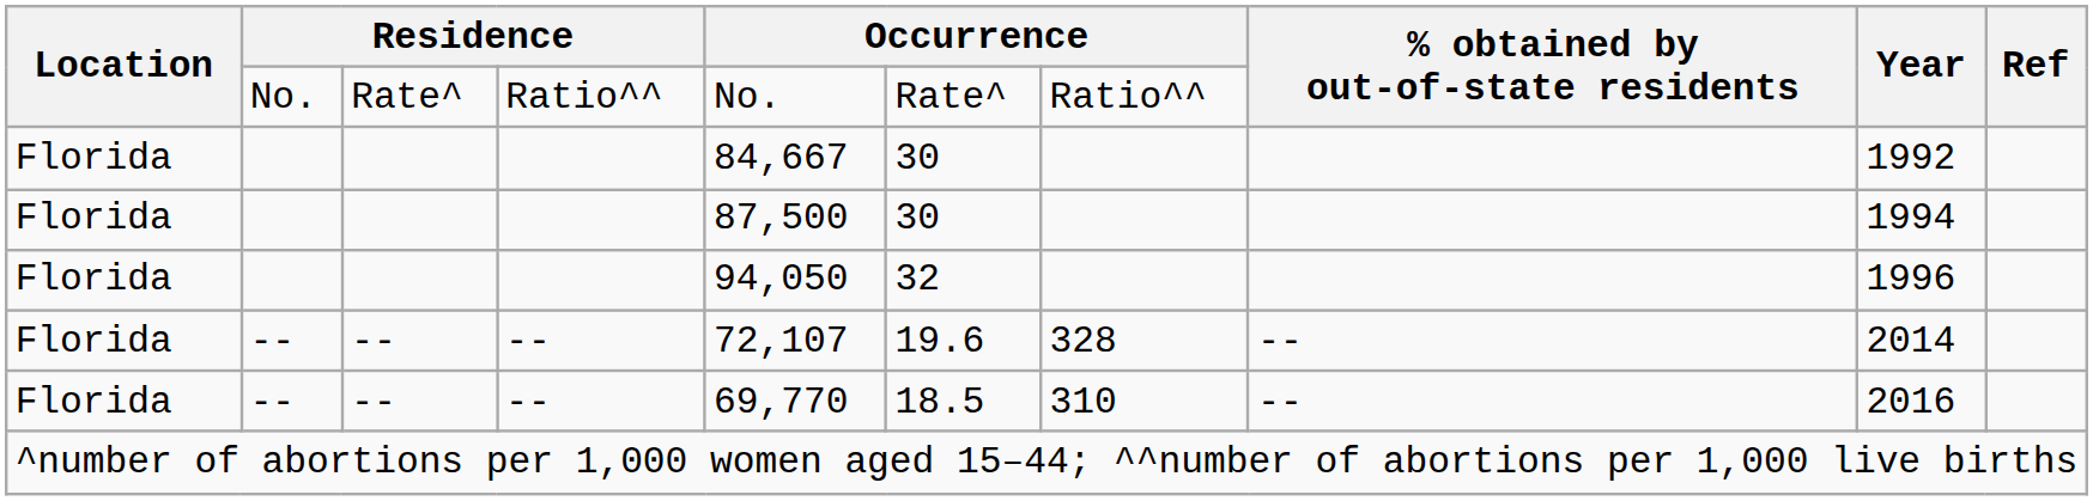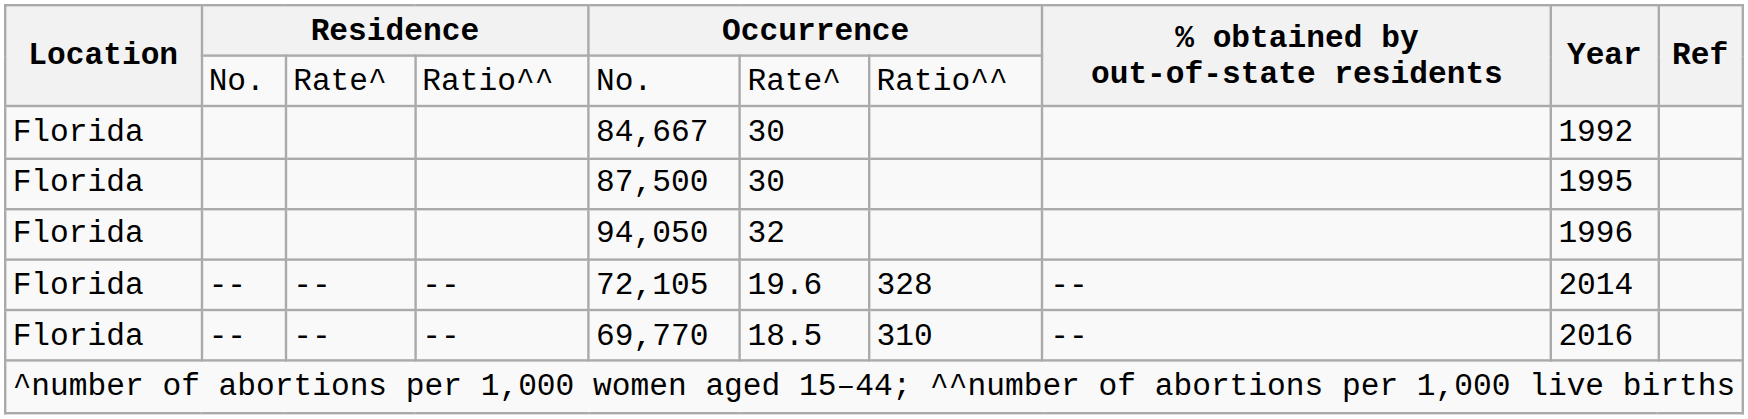 <table class="wikitable">
 <tr>
 <th rowspan="2">Location</th>
 <th colspan="3">Residence</th>
 <th colspan="3">Occurrence</th>
 <th rowspan="2">% obtained by<br>out-of-state residents</th>
 <th rowspan="2">Year</th>
 <th rowspan="2">Ref</th>
 </tr>
 <tr>
 <td>No.</td>
 <td>Rate^</td>
 <td>Ratio^^</td>
 <td>No.</td>
 <td>Rate^</td>
 <td>Ratio^^</td>
 </tr>
 <tr>
 <td>Florida</td>
 <td></td>
 <td></td>
 <td></td>
 <td>84,667</td>
 <td>30</td>
 <td></td>
 <td></td>
 <td>1992</td>
 <td></td>
 </tr>
 <tr>
 <td>Florida</td>
 <td></td>
 <td></td>
 <td></td>
 <td>87,500</td>
 <td>30</td>
 <td></td>
 <td></td>
-<td>1994</td>
+<td>1995</td>
 <td></td>
 </tr>
 <tr>
 <td>Florida</td>
 <td></td>
 <td></td>
 <td></td>
 <td>94,050</td>
 <td>32</td>
 <td></td>
 <td></td>
 <td>1996</td>
 <td></td>
 </tr>
 <tr>
 <td>Florida</td>
 <td>--</td>
 <td>--</td>
 <td>--</td>
-<td>72,107</td>
+<td>72,105</td>
 <td>19.6</td>
 <td>328</td>
 <td>--</td>
 <td>2014</td>
 <td></td>
 </tr>
 <tr>
 <td>Florida</td>
 <td>--</td>
 <td>--</td>
 <td>--</td>
 <td>69,770</td>
 <td>18.5</td>
 <td>310</td>
 <td>--</td>
 <td>2016</td>
 <td></td>
 </tr>
 <tr>
 <td colspan="10">^number of abortions per 1,000 women aged 15–44; ^^number of abortions per 1,000 live births</td>
 </tr>
 </table>
